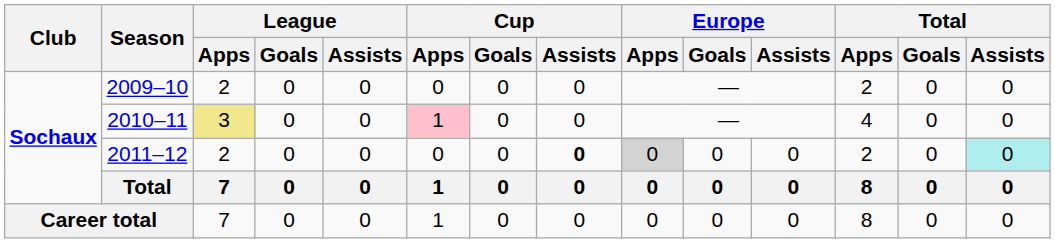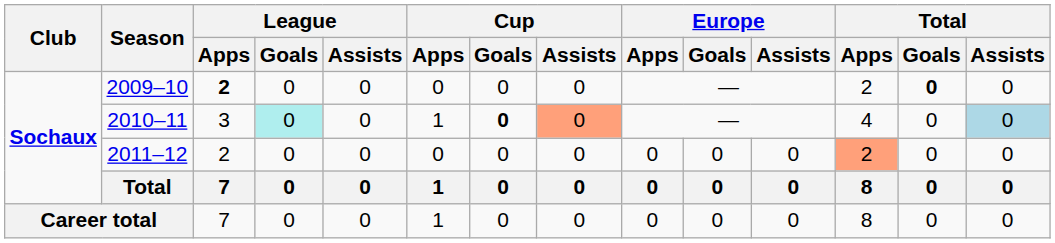 <table class="wikitable" style="font-size:100%; text-align: center;">
 <tr>
 <th rowspan="2">Club</th>
 <th rowspan="2">Season</th>
 <th colspan="3">League</th>
 <th colspan="3">Cup</th>
 <th colspan="3"><a href='#'>Europe</a></th>
 <th colspan="3">Total</th>
 </tr>
 <tr>
 <th>Apps</th>
 <th>Goals</th>
 <th>Assists</th>
 <th>Apps</th>
 <th>Goals</th>
 <th>Assists</th>
 <th>Apps</th>
 <th>Goals</th>
 <th>Assists</th>
 <th>Apps</th>
 <th>Goals</th>
 <th>Assists</th>
 </tr>
 <tr>
 <td rowspan="4" valign="center"><strong><a href='#'>Sochaux</a></strong></td>
 <td><a href='#'>2009–10</a></td>
-<td>2</td>
+<td><strong>2</strong></td>
 <td>0</td>
 <td>0</td>
 <td>0</td>
 <td>0</td>
 <td>0</td>
 <td colspan=3>—</td>
 <td>2</td>
-<td>0</td>
+<td><strong>0</strong></td>
 <td>0</td>
 </tr>
 <tr>
 <td><a href='#'>2010–11</a></td>
-<td style="background: khaki;">3</td>
+<td>3</td>
+<td style="background: paleturquoise;">0</td>
 <td>0</td>
-<td>0</td>
-<td style="background: pink;">1</td>
-<td>0</td>
-<td>0</td>
+<td>1</td>
+<td><strong>0</strong></td>
+<td style="background: lightsalmon;">0</td>
 <td colspan=3>—</td>
 <td>4</td>
 <td>0</td>
-<td>0</td>
+<td style="background: lightblue;">0</td>
 </tr>
 <tr>
 <td><a href='#'>2011–12</a></td>
 <td>2</td>
 <td>0</td>
 <td>0</td>
 <td>0</td>
 <td>0</td>
-<td><strong>0</strong></td>
-<td style="background: lightgrey;">0</td>
 <td>0</td>
 <td>0</td>
-<td>2</td>
 <td>0</td>
-<td style="background: paleturquoise;">0</td>
+<td>0</td>
+<td style="background: lightsalmon;">2</td>
+<td>0</td>
+<td>0</td>
 </tr>
 <tr>
 <th colspan="1">Total</th>
 <th>7</th>
 <th>0</th>
 <th>0</th>
 <th>1</th>
 <th>0</th>
 <th>0</th>
 <th>0</th>
 <th>0</th>
 <th>0</th>
 <th>8</th>
 <th>0</th>
 <th>0</th>
 </tr>
 <tr>
 <th colspan="2">Career total</th>
 <td>7</td>
 <td>0</td>
 <td>0</td>
 <td>1</td>
 <td>0</td>
 <td>0</td>
 <td>0</td>
 <td>0</td>
 <td>0</td>
 <td>8</td>
 <td>0</td>
 <td>0</td>
 </tr>
 </table>
